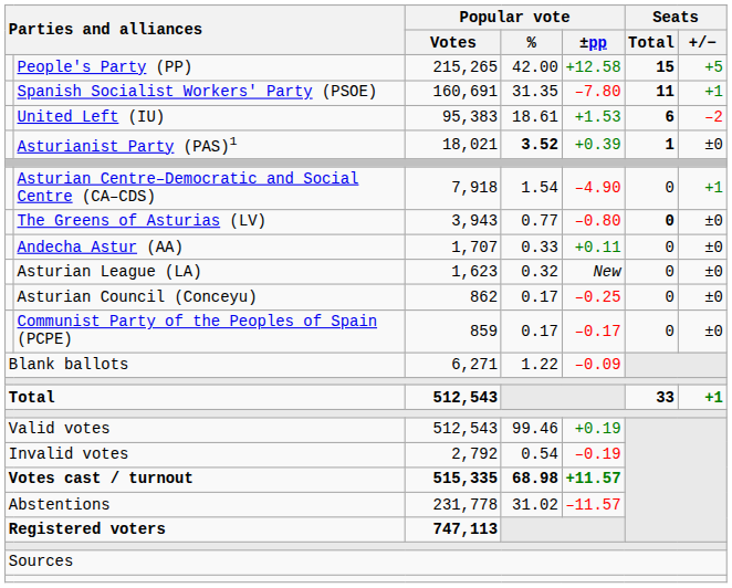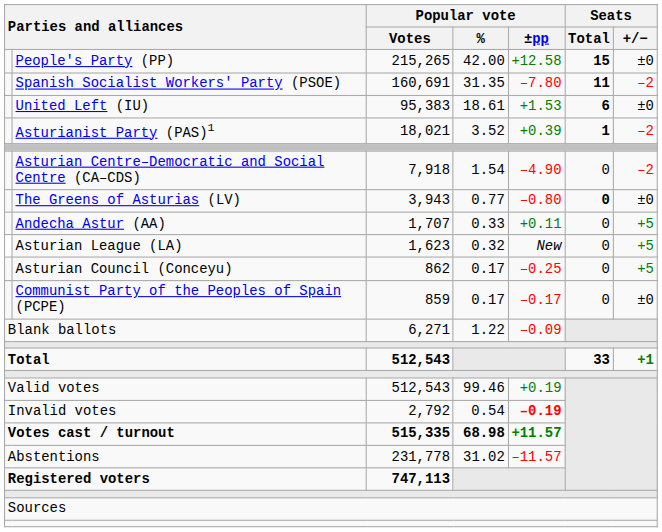 <table class="wikitable" style="text-align:right;">
 <tr>
 <th style="text-align:left;" rowspan="2" colspan="2" width="525">Parties and alliances</th>
 <th colspan="3">Popular vote</th>
 <th colspan="2">Seats</th>
 </tr>
 <tr>
 <th width="75">Votes</th>
 <th width="45">%</th>
 <th width="45">±<a href='#'>pp</a></th>
 <th width="35">Total</th>
 <th width="35">+/−</th>
 </tr>
 <tr>
 <td width="1" style="color:inherit;background:"></td>
 <td align="left"><a href='#'>People's Party</a> (PP)</td>
 <td>215,265</td>
 <td>42.00</td>
 <td style="color:green;">+12.58</td>
 <td><strong>15</strong></td>
-<td style="color:green;">+5</td>
+<td>±0</td>
 </tr>
 <tr>
 <td style="color:inherit;background:"></td>
 <td align="left"><a href='#'>Spanish Socialist Workers' Party</a> (PSOE)</td>
 <td>160,691</td>
 <td>31.35</td>
 <td style="color:red;">–7.80</td>
 <td><strong>11</strong></td>
-<td style="color:green;">+1</td>
+<td style="color:red;">–2</td>
 </tr>
 <tr>
 <td style="color:inherit;background:"></td>
 <td align="left"><a href='#'>United Left</a> (IU)</td>
 <td>95,383</td>
 <td>18.61</td>
 <td style="color:green;">+1.53</td>
 <td><strong>6</strong></td>
-<td style="color:red;">–2</td>
+<td>±0</td>
 </tr>
 <tr>
 <td style="color:inherit;background:"></td>
 <td align="left"><a href='#'>Asturianist Party</a> (PAS)<sup>1</sup></td>
 <td>18,021</td>
-<td><strong>3.52</strong></td>
+<td>3.52</td>
 <td style="color:green;">+0.39</td>
 <td><strong>1</strong></td>
-<td>±0</td>
+<td style="color:red;">–2</td>
 </tr>
 <tr>
 <td colspan="7" bgcolor="#C0C0C0"></td>
 </tr>
 <tr>
 <td style="color:inherit;background:"></td>
 <td align="left"><a href='#'>Asturian Centre–Democratic and Social Centre</a> (CA–CDS)</td>
 <td>7,918</td>
 <td>1.54</td>
 <td style="color:red;">–4.90</td>
 <td>0</td>
-<td style="color:green;">+1</td>
+<td style="color:red;">–2</td>
 </tr>
 <tr>
 <td style="color:inherit;background:"></td>
 <td align="left"><a href='#'>The Greens of Asturias</a> (LV)</td>
 <td>3,943</td>
 <td>0.77</td>
 <td style="color:red;">–0.80</td>
 <td><strong>0</strong></td>
 <td>±0</td>
 </tr>
 <tr>
 <td style="color:inherit;background:"></td>
 <td align="left"><a href='#'>Andecha Astur</a> (AA)</td>
 <td>1,707</td>
 <td>0.33</td>
 <td style="color:green;">+0.11</td>
 <td>0</td>
-<td>±0</td>
+<td style="color:green;">+5</td>
 </tr>
 <tr>
 <td bgcolor="white"></td>
 <td align="left">Asturian League (LA)</td>
 <td>1,623</td>
 <td>0.32</td>
 <td><em>New</em></td>
 <td>0</td>
-<td>±0</td>
+<td style="color:green;">+5</td>
 </tr>
 <tr>
 <td style="color:inherit;background:"></td>
 <td align="left">Asturian Council (Conceyu)</td>
 <td>862</td>
 <td>0.17</td>
 <td style="color:red;">–0.25</td>
 <td>0</td>
-<td>±0</td>
+<td style="color:green;">+5</td>
 </tr>
 <tr>
 <td style="color:inherit;background:"></td>
 <td align="left"><a href='#'>Communist Party of the Peoples of Spain</a> (PCPE)</td>
 <td>859</td>
 <td>0.17</td>
 <td style="color:red;">–0.17</td>
 <td>0</td>
 <td>±0</td>
 </tr>
 <tr>
 <td align="left" colspan="2">Blank ballots</td>
 <td>6,271</td>
 <td>1.22</td>
 <td style="color:red;">–0.09</td>
 <td bgcolor="#E9E9E9" colspan="2"></td>
 </tr>
 <tr>
 <td colspan="7" bgcolor="#E9E9E9"></td>
 </tr>
 <tr style="font-weight:bold;">
 <td align="left" colspan="2">Total</td>
 <td>512,543</td>
 <td bgcolor="#E9E9E9" colspan="2"></td>
 <td>33</td>
 <td style="color:green;">+1</td>
 </tr>
 <tr>
 <td colspan="7" bgcolor="#E9E9E9"></td>
 </tr>
 <tr>
 <td align="left" colspan="2">Valid votes</td>
 <td>512,543</td>
 <td>99.46</td>
 <td style="color:green;">+0.19</td>
 <td bgcolor="#E9E9E9" colspan="2" rowspan="5"></td>
 </tr>
 <tr>
 <td align="left" colspan="2">Invalid votes</td>
 <td>2,792</td>
 <td>0.54</td>
-<td style="color:red;">–0.19</td>
+<td style="color:red;"><strong>–0.19</strong></td>
 </tr>
 <tr style="font-weight:bold;">
 <td align="left" colspan="2">Votes cast / turnout</td>
 <td>515,335</td>
 <td>68.98</td>
 <td style="color:green;">+11.57</td>
 </tr>
 <tr>
 <td align="left" colspan="2">Abstentions</td>
 <td>231,778</td>
 <td>31.02</td>
 <td style="color:red;">–11.57</td>
 </tr>
 <tr style="font-weight:bold;">
 <td align="left" colspan="2">Registered voters</td>
 <td>747,113</td>
 <td bgcolor="#E9E9E9" colspan="2"></td>
 </tr>
 <tr>
 <td colspan="7" bgcolor="#E9E9E9"></td>
 </tr>
 <tr>
 <td align="left" colspan="7">Sources</td>
 </tr>
 <tr>
 <td colspan="7" style="text-align:left; max-width:790px;"></td>
 </tr>
 </table>
